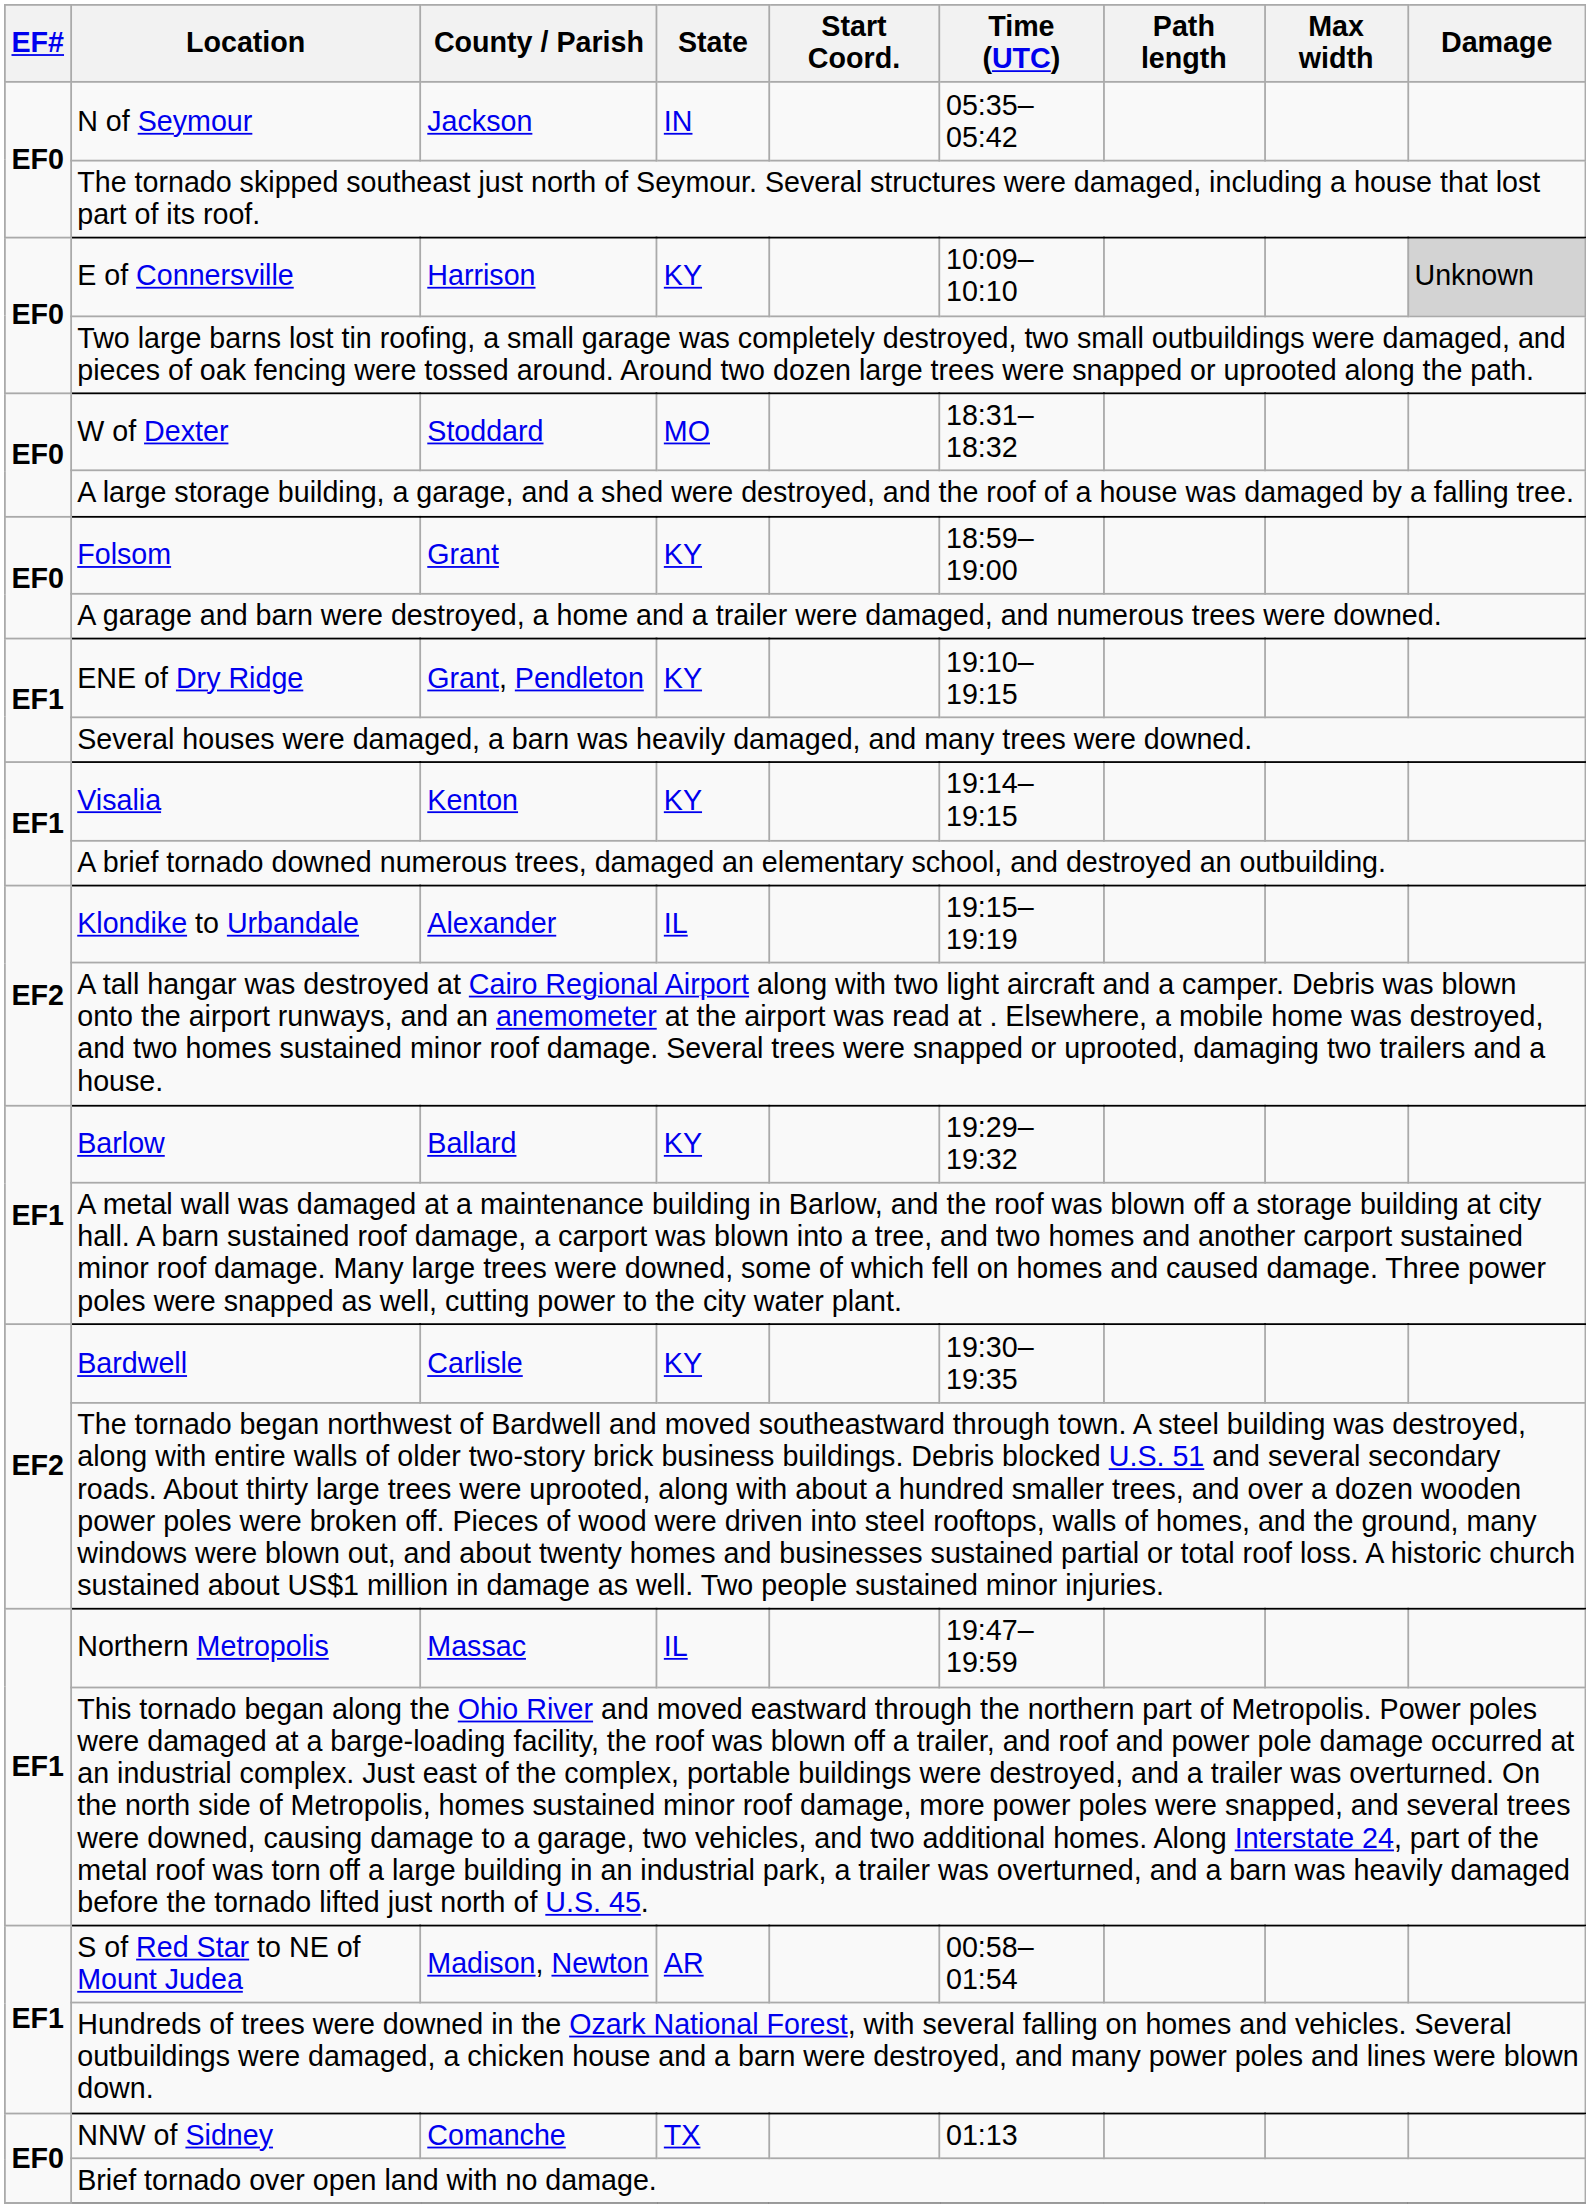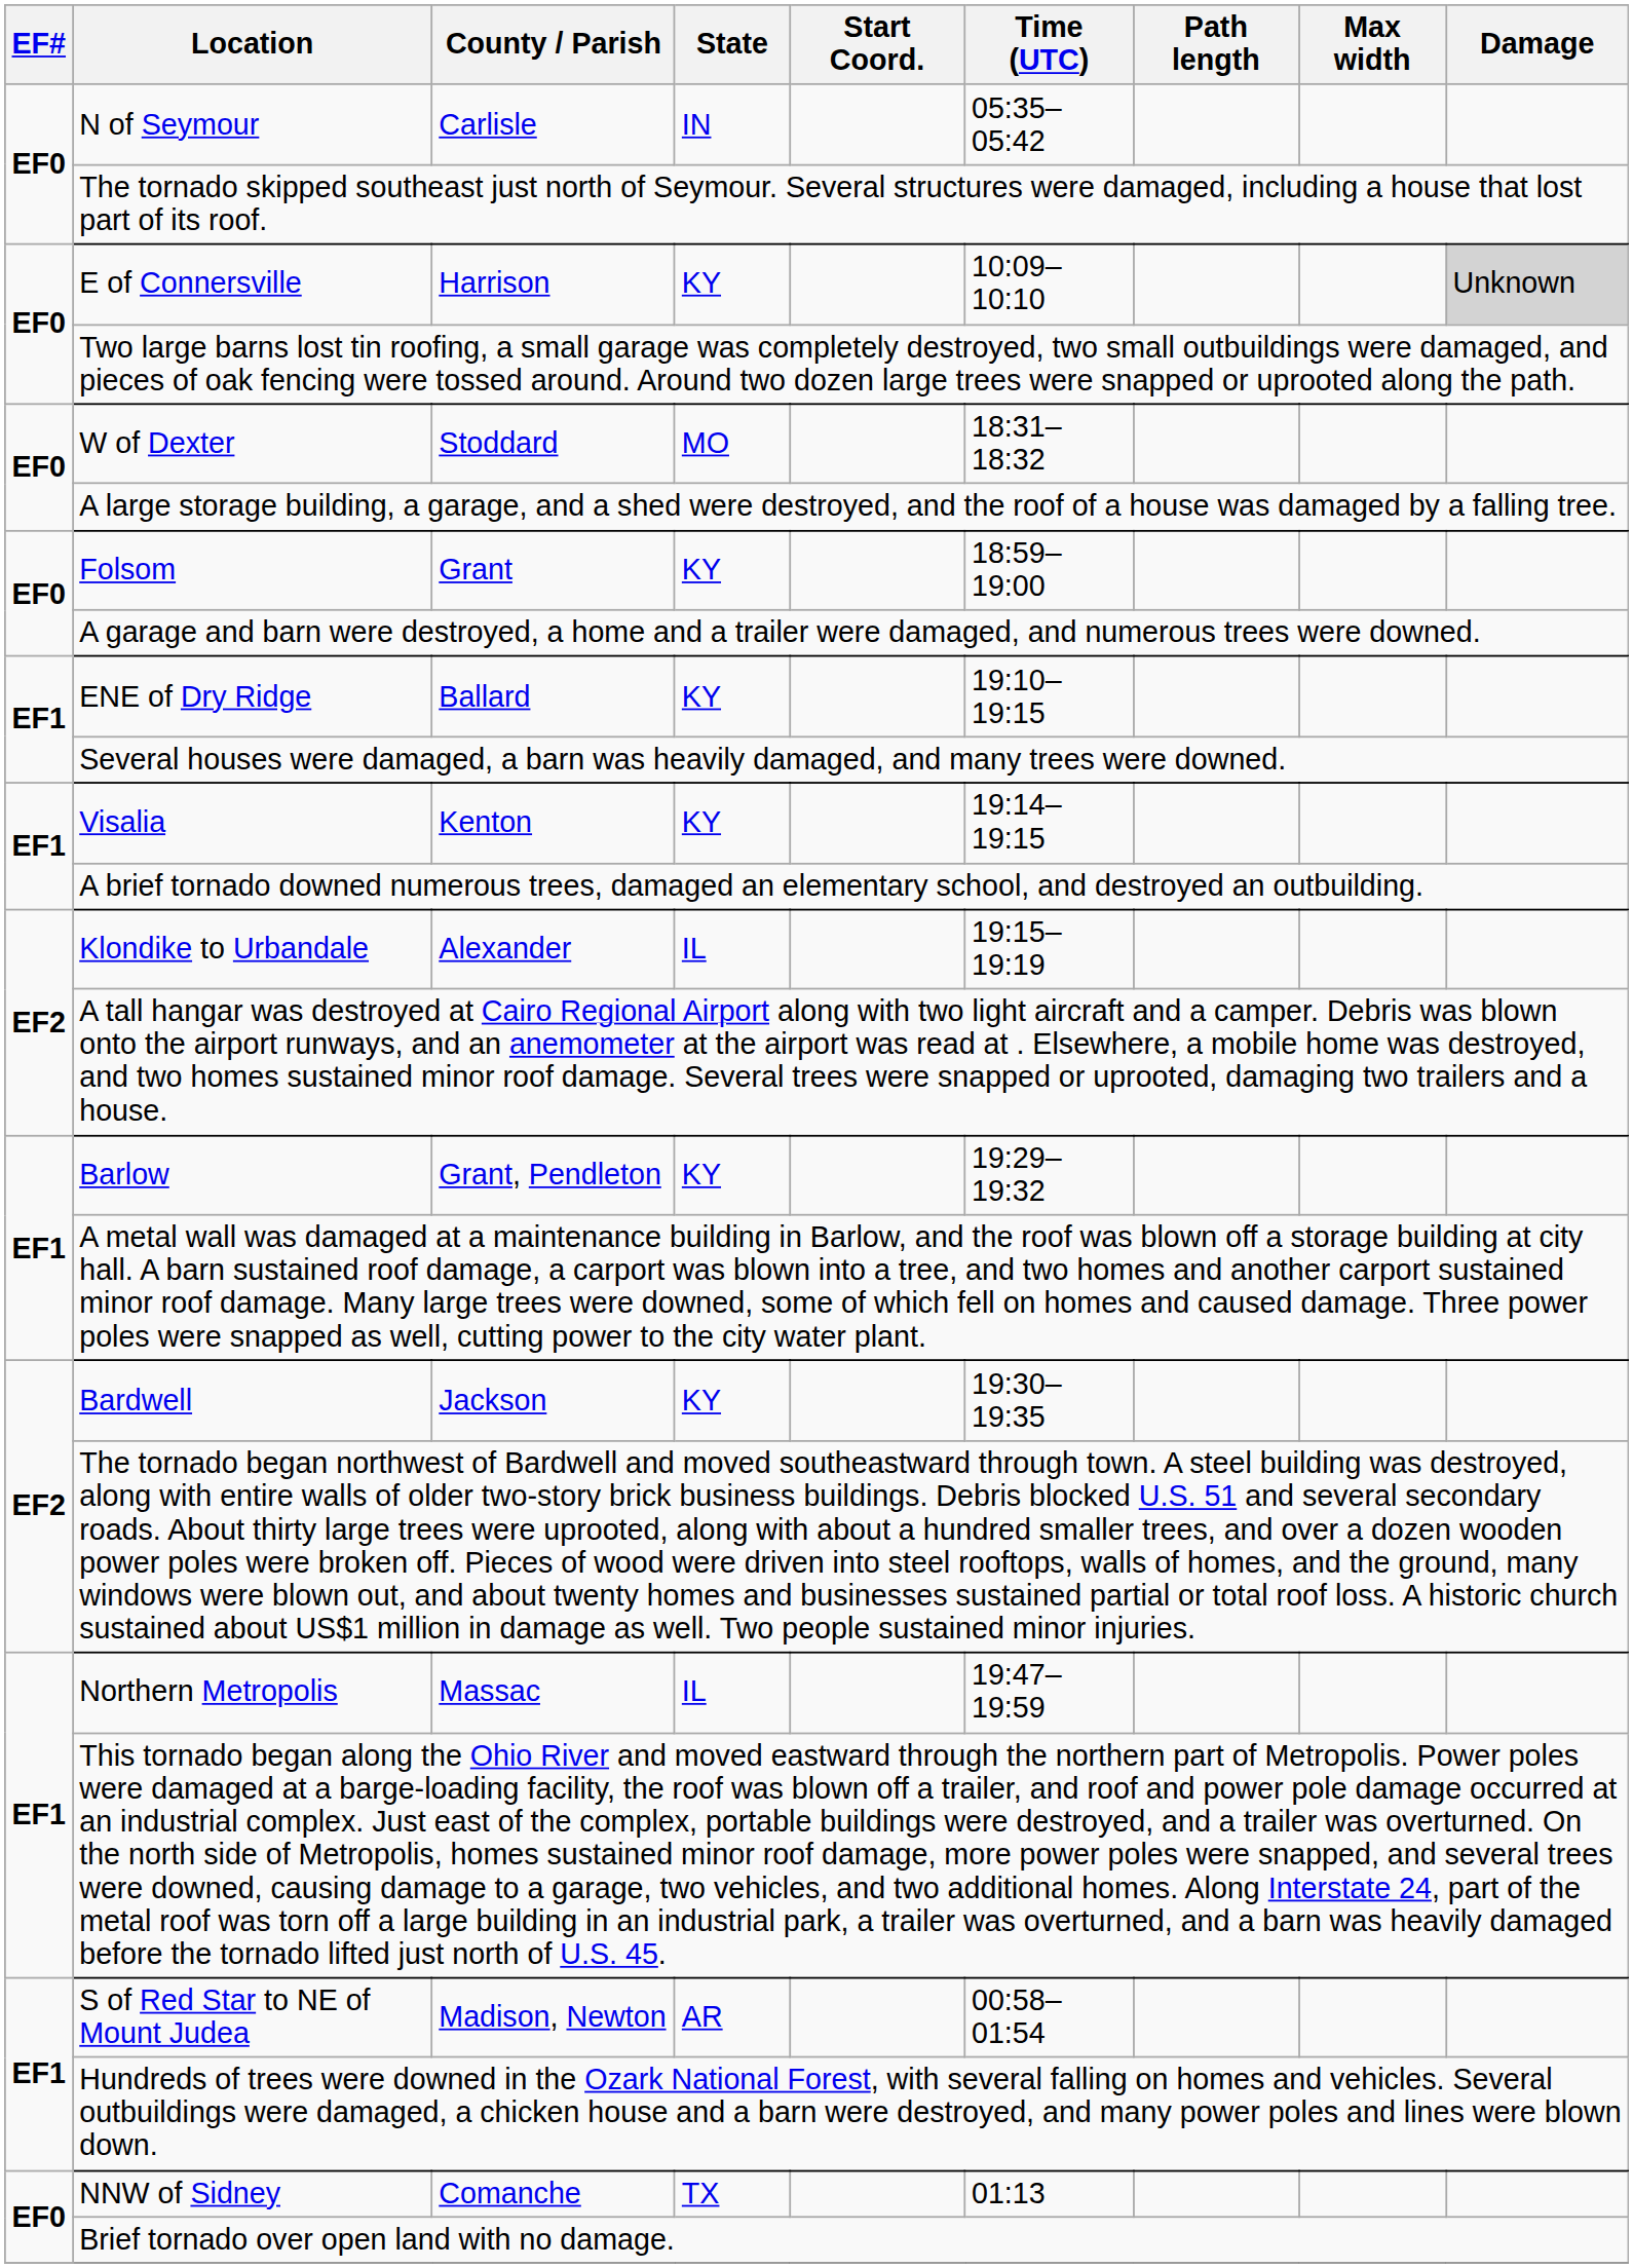 <table class="wikitable sortable" style="width:100%;">
 <tr>
 <th scope="col" width="2%" align="center"><a href='#'>EF#</a></th>
 <th scope="col" align="center" class="unsortable">Location</th>
 <th scope="col" align="center" class="unsortable">County / Parish</th>
 <th scope="col" align="center">State</th>
 <th scope="col" align="center" data-sort-type="number">Start Coord.</th>
 <th scope="col" align="center" data-sort-type="number">Time (<a href='#'>UTC</a>)</th>
 <th scope="col" align="center" data-sort-type="number">Path length</th>
 <th scope="col" align="center" data-sort-type="number">Max width</th>
 <th scope="col" align="center" data-sort-type="number">Damage<br></th>
 </tr>
 <tr>
 <td rowspan="2" align="center"><strong>EF0</strong></td>
 <td>N of <a href='#'>Seymour</a></td>
-<td><a href='#'>Jackson</a></td>
+<td><a href='#'>Carlisle</a></td>
 <td><a href='#'>IN</a></td>
 <td></td>
 <td>05:35–05:42</td>
 <td></td>
 <td></td>
 <td></td>
 </tr>
 <tr class="expand-child">
 <td colspan="8" style=" border-bottom: 1px solid black;">The tornado skipped southeast just north of Seymour. Several structures were damaged, including a house that lost part of its roof.</td>
 </tr>
 <tr>
 <td rowspan="2" align="center"><strong>EF0</strong></td>
 <td>E of <a href='#'>Connersville</a></td>
 <td><a href='#'>Harrison</a></td>
 <td><a href='#'>KY</a></td>
 <td></td>
 <td>10:09–10:10</td>
 <td></td>
 <td></td>
 <td style="background: lightgrey;">Unknown</td>
 </tr>
 <tr class="expand-child">
 <td colspan="8" style=" border-bottom: 1px solid black;">Two large barns lost tin roofing, a small garage was completely destroyed, two small outbuildings were damaged, and pieces of oak fencing were tossed around. Around two dozen large trees were snapped or uprooted along the path.</td>
 </tr>
 <tr>
 <td rowspan="2" align="center"><strong>EF0</strong></td>
 <td>W of <a href='#'>Dexter</a></td>
 <td><a href='#'>Stoddard</a></td>
 <td><a href='#'>MO</a></td>
 <td></td>
 <td>18:31–18:32</td>
 <td></td>
 <td></td>
 <td></td>
 </tr>
 <tr class="expand-child">
 <td colspan="8" style=" border-bottom: 1px solid black;">A large storage building, a garage, and a shed were destroyed, and the roof of a house was damaged by a falling tree.</td>
 </tr>
 <tr>
 <td rowspan="2" align="center"><strong>EF0</strong></td>
 <td><a href='#'>Folsom</a></td>
 <td><a href='#'>Grant</a></td>
 <td><a href='#'>KY</a></td>
 <td></td>
 <td>18:59–19:00</td>
 <td></td>
 <td></td>
 <td></td>
 </tr>
 <tr class="expand-child">
 <td colspan="8" style=" border-bottom: 1px solid black;">A garage and barn were destroyed, a home and a trailer were damaged, and numerous trees were downed.</td>
 </tr>
 <tr>
 <td rowspan="2" align="center"><strong>EF1</strong></td>
 <td>ENE of <a href='#'>Dry Ridge</a></td>
-<td><a href='#'>Grant</a>, <a href='#'>Pendleton</a></td>
+<td><a href='#'>Ballard</a></td>
 <td><a href='#'>KY</a></td>
 <td></td>
 <td>19:10–19:15</td>
 <td></td>
 <td></td>
 <td></td>
 </tr>
 <tr class="expand-child">
 <td colspan="8" style=" border-bottom: 1px solid black;">Several houses were damaged, a barn was heavily damaged, and many trees were downed.</td>
 </tr>
 <tr>
 <td rowspan="2" align="center"><strong>EF1</strong></td>
 <td><a href='#'>Visalia</a></td>
 <td><a href='#'>Kenton</a></td>
 <td><a href='#'>KY</a></td>
 <td></td>
 <td>19:14–19:15</td>
 <td></td>
 <td></td>
 <td></td>
 </tr>
 <tr class="expand-child">
 <td colspan="8" style=" border-bottom: 1px solid black;">A brief tornado downed numerous trees, damaged an elementary school, and destroyed an outbuilding.</td>
 </tr>
 <tr>
 <td rowspan="2" align="center"><strong>EF2</strong></td>
 <td><a href='#'>Klondike</a> to <a href='#'>Urbandale</a></td>
 <td><a href='#'>Alexander</a></td>
 <td><a href='#'>IL</a></td>
 <td></td>
 <td>19:15–19:19</td>
 <td></td>
 <td></td>
 <td></td>
 </tr>
 <tr class="expand-child">
 <td colspan="8" style=" border-bottom: 1px solid black;">A  tall hangar was destroyed at <a href='#'>Cairo Regional Airport</a> along with two light aircraft and a camper. Debris was blown onto the airport runways, and an <a href='#'>anemometer</a> at the airport was read at . Elsewhere, a mobile home was destroyed, and two homes sustained minor roof damage. Several trees were snapped or uprooted, damaging two trailers and a house.</td>
 </tr>
 <tr>
 <td rowspan="2" align="center"><strong>EF1</strong></td>
 <td><a href='#'>Barlow</a></td>
-<td><a href='#'>Ballard</a></td>
+<td><a href='#'>Grant</a>, <a href='#'>Pendleton</a></td>
 <td><a href='#'>KY</a></td>
 <td></td>
 <td>19:29–19:32</td>
 <td></td>
 <td></td>
 <td></td>
 </tr>
 <tr class="expand-child">
 <td colspan="8" style=" border-bottom: 1px solid black;">A metal wall was damaged at a maintenance building in Barlow, and the roof was blown off a storage building at city hall. A barn sustained roof damage, a carport was blown into a tree, and two homes and another carport sustained minor roof damage. Many large trees were downed, some of which fell on homes and caused damage. Three power poles were snapped as well, cutting power to the city water plant.</td>
 </tr>
 <tr>
 <td rowspan="2" align="center"><strong>EF2</strong></td>
 <td><a href='#'>Bardwell</a></td>
-<td><a href='#'>Carlisle</a></td>
+<td><a href='#'>Jackson</a></td>
 <td><a href='#'>KY</a></td>
 <td></td>
 <td>19:30–19:35</td>
 <td></td>
 <td></td>
 <td></td>
 </tr>
 <tr class="expand-child">
 <td colspan="8" style=" border-bottom: 1px solid black;">The tornado began northwest of Bardwell and moved southeastward through town. A steel building was destroyed, along with entire walls of older two-story brick business buildings. Debris blocked <a href='#'>U.S. 51</a> and several secondary roads. About thirty large trees were uprooted, along with about a hundred smaller trees, and over a dozen wooden power poles were broken off. Pieces of wood were driven into steel rooftops, walls of homes, and the ground, many windows were blown out, and about twenty homes and businesses sustained partial or total roof loss. A historic church sustained about US$1 million in damage as well. Two people sustained minor injuries.</td>
 </tr>
 <tr>
 <td rowspan="2" align="center"><strong>EF1</strong></td>
 <td>Northern <a href='#'>Metropolis</a></td>
 <td><a href='#'>Massac</a></td>
 <td><a href='#'>IL</a></td>
 <td></td>
 <td>19:47–19:59</td>
 <td></td>
 <td></td>
 <td></td>
 </tr>
 <tr class="expand-child">
 <td colspan="8" style=" border-bottom: 1px solid black;">This tornado began along the <a href='#'>Ohio River</a> and moved eastward through the northern part of Metropolis. Power poles were damaged at a barge-loading facility, the roof was blown off a trailer, and roof and power pole damage occurred at an industrial complex. Just east of the complex, portable buildings were destroyed, and a trailer was overturned. On the north side of Metropolis, homes sustained minor roof damage, more power poles were snapped, and several trees were downed, causing damage to a garage, two vehicles, and two additional homes. Along <a href='#'>Interstate 24</a>, part of the metal roof was torn off a large building in an industrial park, a trailer was overturned, and a barn was heavily damaged before the tornado lifted just north of <a href='#'>U.S. 45</a>.</td>
 </tr>
 <tr>
 <td rowspan="2" align="center"><strong>EF1</strong></td>
 <td>S of <a href='#'>Red Star</a> to NE of <a href='#'>Mount Judea</a></td>
 <td><a href='#'>Madison</a>, <a href='#'>Newton</a></td>
 <td><a href='#'>AR</a></td>
 <td></td>
 <td>00:58–01:54</td>
 <td></td>
 <td></td>
 <td></td>
 </tr>
 <tr class="expand-child">
 <td colspan="8" style=" border-bottom: 1px solid black;">Hundreds of trees were downed in the <a href='#'>Ozark National Forest</a>, with several falling on homes and vehicles. Several outbuildings were damaged, a chicken house and a barn were destroyed, and many power poles and lines were blown down.</td>
 </tr>
 <tr>
 <td rowspan="2" align="center"><strong>EF0</strong></td>
 <td>NNW of <a href='#'>Sidney</a></td>
 <td><a href='#'>Comanche</a></td>
 <td><a href='#'>TX</a></td>
 <td></td>
 <td>01:13</td>
 <td></td>
 <td></td>
 <td></td>
 </tr>
 <tr class="expand-child">
 <td colspan="8" style=" border-bottom: 1px solid black;">Brief tornado over open land with no damage.</td>
 </tr>
 <tr>
 </tr>
 </table>
